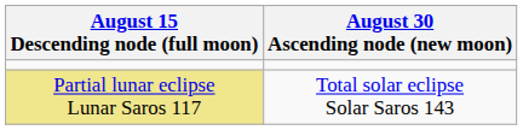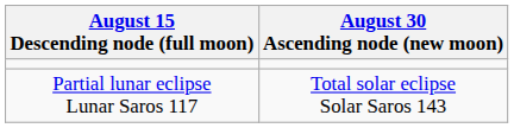 <table class="wikitable">
 <tr>
 <th><a href='#'>August 15</a><br>Descending node (full moon)</th>
 <th><a href='#'>August 30</a><br>Ascending node (new moon)</th>
 </tr>
 <tr>
 <td></td>
 <td></td>
 </tr>
 <tr align=center>
-<td style="background: khaki;"><a href='#'>Partial lunar eclipse</a><br>Lunar Saros 117</td>
+<td><a href='#'>Partial lunar eclipse</a><br>Lunar Saros 117</td>
 <td><a href='#'>Total solar eclipse</a><br>Solar Saros 143</td>
 </tr>
 </table>
